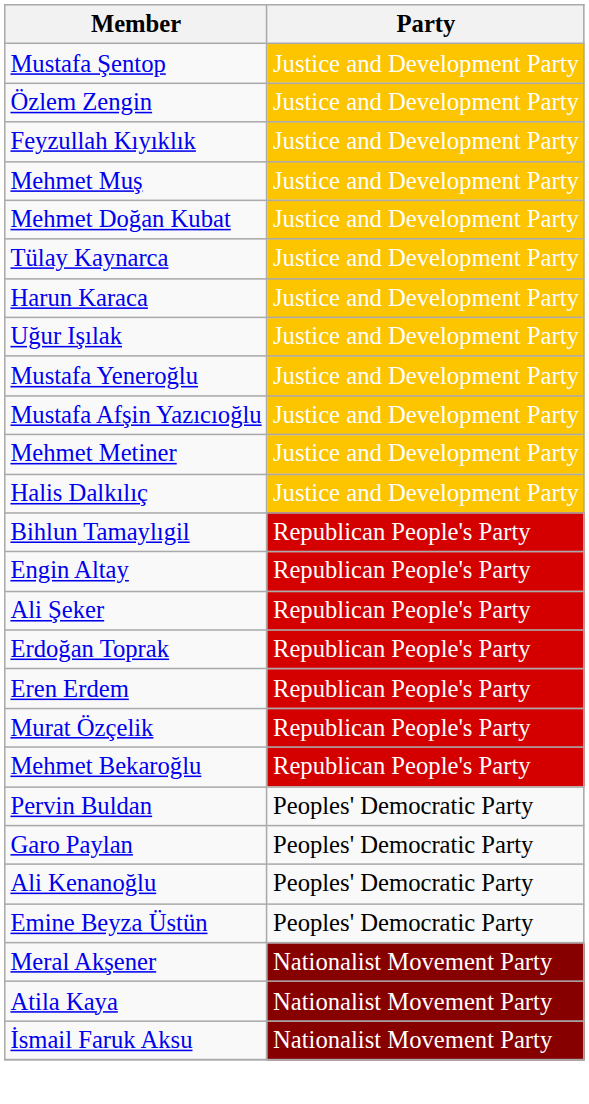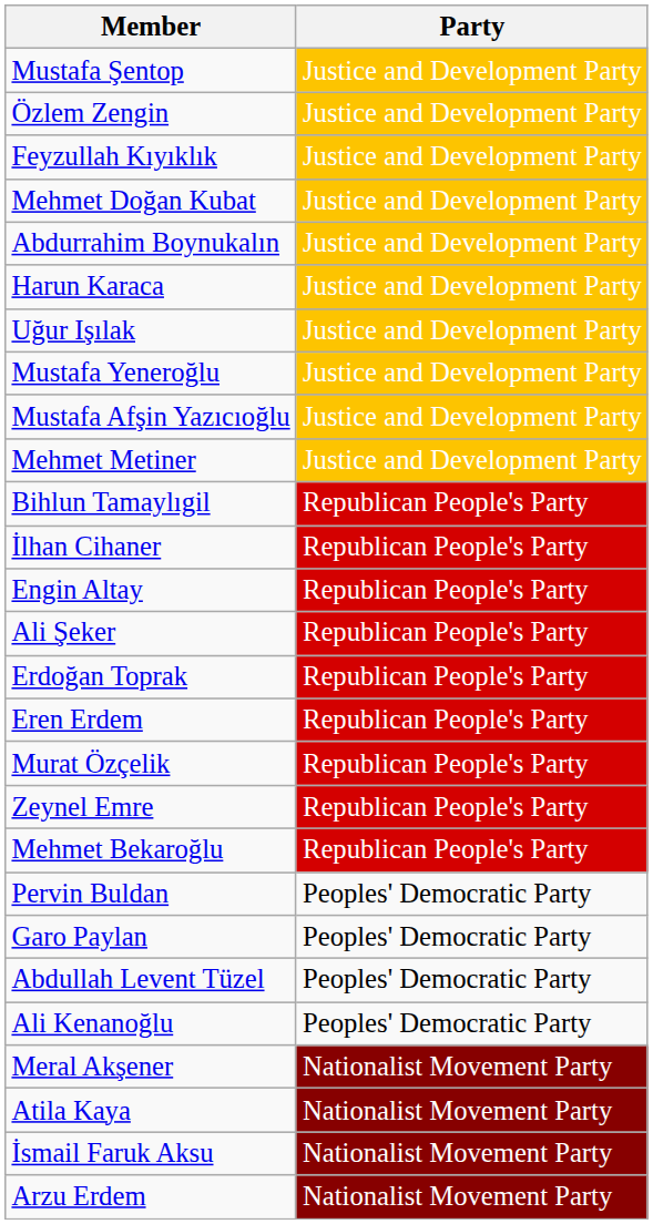 <table class="wikitable">
 <tr>
 <th>Member</th>
 <th>Party</th>
 </tr>
 <tr>
 <td><a href='#'>Mustafa Şentop</a></td>
 <td style="background:#FDC400; color:white">Justice and Development Party</td>
 </tr>
 <tr>
 <td><a href='#'>Özlem Zengin</a></td>
 <td style="background:#FDC400; color:white">Justice and Development Party</td>
 </tr>
 <tr>
 <td><a href='#'>Feyzullah Kıyıklık</a></td>
 <td style="background:#FDC400; color:white">Justice and Development Party</td>
 </tr>
 <tr>
-<td><a href='#'>Mehmet Muş</a></td>
-<td style="background:#FDC400; color:white">Justice and Development Party</td>
-</tr>
-<tr>
 <td><a href='#'>Mehmet Doğan Kubat</a></td>
 <td style="background:#FDC400; color:white">Justice and Development Party</td>
 </tr>
 <tr>
-<td><a href='#'>Tülay Kaynarca</a></td>
+<td><a href='#'>Abdurrahim Boynukalın</a></td>
 <td style="background:#FDC400; color:white">Justice and Development Party</td>
 </tr>
 <tr>
 <td><a href='#'>Harun Karaca</a></td>
 <td style="background:#FDC400; color:white">Justice and Development Party</td>
 </tr>
 <tr>
 <td><a href='#'>Uğur Işılak</a></td>
 <td style="background:#FDC400; color:white">Justice and Development Party</td>
 </tr>
 <tr>
 <td><a href='#'>Mustafa Yeneroğlu</a></td>
 <td style="background:#FDC400; color:white">Justice and Development Party</td>
 </tr>
 <tr>
 <td><a href='#'>Mustafa Afşin Yazıcıoğlu</a></td>
 <td style="background:#FDC400; color:white">Justice and Development Party</td>
 </tr>
 <tr>
 <td><a href='#'>Mehmet Metiner</a></td>
 <td style="background:#FDC400; color:white">Justice and Development Party</td>
 </tr>
 <tr>
-<td><a href='#'>Halis Dalkılıç</a></td>
-<td style="background:#FDC400; color:white">Justice and Development Party</td>
+<td><a href='#'>Bihlun Tamaylıgil</a></td>
+<td style="background:#D40000; color:white">Republican People's Party</td>
 </tr>
 <tr>
-<td><a href='#'>Bihlun Tamaylıgil</a></td>
+<td><a href='#'>İlhan Cihaner</a></td>
 <td style="background:#D40000; color:white">Republican People's Party</td>
 </tr>
 <tr>
 <td><a href='#'>Engin Altay</a></td>
 <td style="background:#D40000; color:white">Republican People's Party</td>
 </tr>
 <tr>
 <td><a href='#'>Ali Şeker</a></td>
 <td style="background:#D40000; color:white">Republican People's Party</td>
 </tr>
 <tr>
 <td><a href='#'>Erdoğan Toprak</a></td>
 <td style="background:#D40000; color:white">Republican People's Party</td>
 </tr>
 <tr>
 <td><a href='#'>Eren Erdem</a></td>
 <td style="background:#D40000; color:white">Republican People's Party</td>
 </tr>
 <tr>
 <td><a href='#'>Murat Özçelik</a></td>
 <td style="background:#D40000; color:white">Republican People's Party</td>
 </tr>
 <tr>
+<td><a href='#'>Zeynel Emre</a></td>
+<td style="background:#D40000; color:white">Republican People's Party</td>
+</tr>
+<tr>
 <td><a href='#'>Mehmet Bekaroğlu</a></td>
 <td style="background:#D40000; color:white">Republican People's Party</td>
 </tr>
 <tr>
 <td><a href='#'>Pervin Buldan</a></td>
 <td style="background:">Peoples' Democratic Party</td>
 </tr>
 <tr>
 <td><a href='#'>Garo Paylan</a></td>
 <td style="background:">Peoples' Democratic Party</td>
 </tr>
 <tr>
-<td><a href='#'>Ali Kenanoğlu</a></td>
+<td><a href='#'>Abdullah Levent Tüzel</a></td>
 <td style="background:">Peoples' Democratic Party</td>
 </tr>
 <tr>
-<td><a href='#'>Emine Beyza Üstün</a></td>
+<td><a href='#'>Ali Kenanoğlu</a></td>
 <td style="background:">Peoples' Democratic Party</td>
 </tr>
 <tr>
 <td><a href='#'>Meral Akşener</a></td>
 <td style="background:#870000; color:white">Nationalist Movement Party</td>
 </tr>
 <tr>
 <td><a href='#'>Atila Kaya</a></td>
 <td style="background:#870000; color:white">Nationalist Movement Party</td>
 </tr>
 <tr>
 <td><a href='#'>İsmail Faruk Aksu</a></td>
 <td style="background:#870000; color:white">Nationalist Movement Party</td>
 </tr>
 <tr>
+<td><a href='#'>Arzu Erdem</a></td>
+<td style="background:#870000; color:white">Nationalist Movement Party</td>
+</tr>
+<tr>
 </tr>
 </table>
